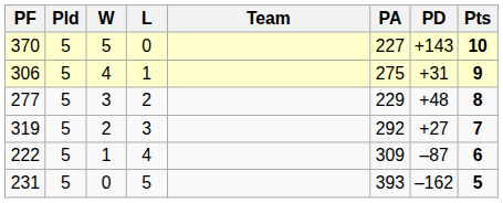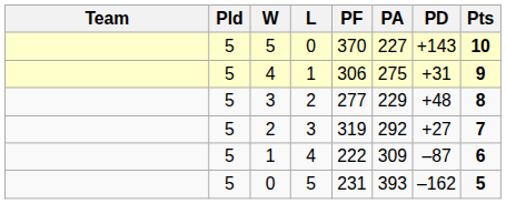 <table class=wikitable style="text-align:center">
 <tr>
-<th width=30>PF</th>
+<th width=180>Team</th>
 <th width=30>Pld</th>
 <th width=30>W</th>
 <th width=30>L</th>
-<th width=180>Team</th>
+<th width=30>PF</th>
 <th width=30>PA</th>
 <th width=30>PD</th>
 <th width=30>Pts</th>
 </tr>
 <tr align=center bgcolor=#ffffcc>
-<td>370</td>
+<td align=left></td>
 <td>5</td>
 <td>5</td>
 <td>0</td>
-<td align=left></td>
+<td>370</td>
 <td>227</td>
 <td>+143</td>
 <td><strong>10</strong></td>
 </tr>
 <tr align=center bgcolor=#ffffcc>
-<td>306</td>
+<td align=left></td>
 <td>5</td>
 <td>4</td>
 <td>1</td>
-<td align=left></td>
+<td>306</td>
 <td>275</td>
 <td>+31</td>
 <td><strong>9</strong></td>
 </tr>
 <tr align=center bgcolor=>
-<td>277</td>
+<td align=left></td>
 <td>5</td>
 <td>3</td>
 <td>2</td>
-<td align=left></td>
+<td>277</td>
 <td>229</td>
 <td>+48</td>
 <td><strong>8</strong></td>
 </tr>
 <tr align=center bgcolor=>
-<td>319</td>
+<td align=left></td>
 <td>5</td>
 <td>2</td>
 <td>3</td>
-<td align=left></td>
+<td>319</td>
 <td>292</td>
 <td>+27</td>
 <td><strong>7</strong></td>
 </tr>
 <tr align=center bgcolor=>
-<td>222</td>
+<td align=left></td>
 <td>5</td>
 <td>1</td>
 <td>4</td>
-<td align=left></td>
+<td>222</td>
 <td>309</td>
 <td>–87</td>
 <td><strong>6</strong></td>
 </tr>
 <tr align=center bgcolor=>
-<td>231</td>
+<td align=left></td>
 <td>5</td>
 <td>0</td>
 <td>5</td>
-<td align=left></td>
+<td>231</td>
 <td>393</td>
 <td>–162</td>
 <td><strong>5</strong></td>
 </tr>
 </table>
